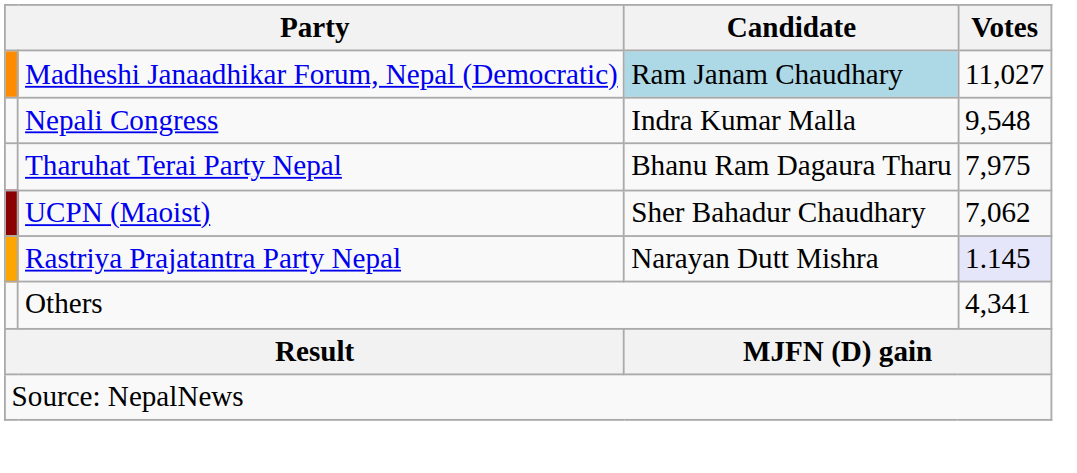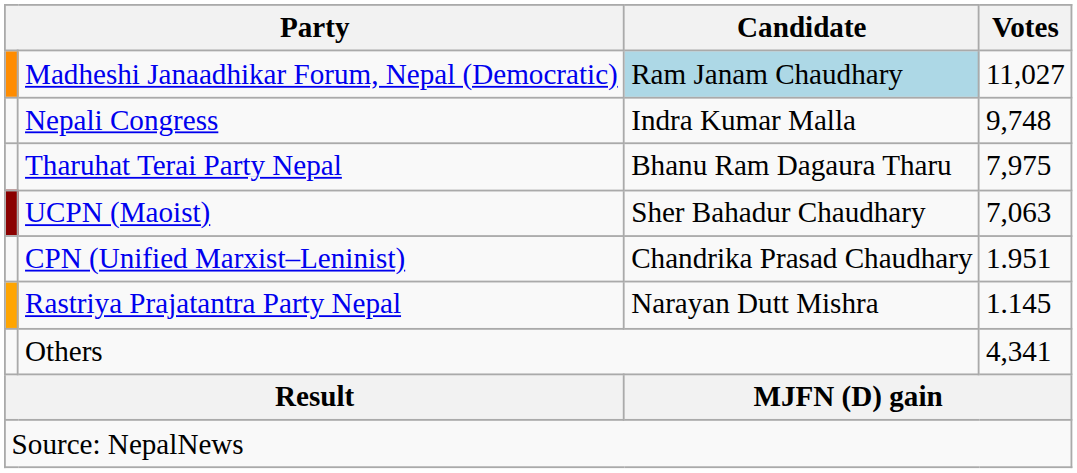 <table class="wikitable">
 <tr>
 <th colspan="2">Party</th>
 <th>Candidate</th>
 <th>Votes</th>
 </tr>
 <tr>
 <td style="background-color:darkorange"></td>
 <td><a href='#'>Madheshi Janaadhikar Forum, Nepal (Democratic)</a></td>
 <td style="background: lightblue;">Ram Janam Chaudhary</td>
 <td>11,027</td>
 </tr>
 <tr>
 <td style="background-color:"></td>
 <td><a href='#'>Nepali Congress</a></td>
 <td>Indra Kumar Malla</td>
-<td>9,548</td>
+<td>9,748</td>
 </tr>
 <tr>
 <td></td>
 <td><a href='#'>Tharuhat Terai Party Nepal</a></td>
 <td>Bhanu Ram Dagaura Tharu</td>
 <td>7,975</td>
 </tr>
 <tr>
 <td style="background-color:darkred"></td>
 <td><a href='#'>UCPN (Maoist)</a></td>
 <td>Sher Bahadur Chaudhary</td>
-<td>7,062</td>
+<td>7,063</td>
+</tr>
+<tr>
+<td style="background-color:"></td>
+<td><a href='#'>CPN (Unified Marxist–Leninist)</a></td>
+<td>Chandrika Prasad Chaudhary</td>
+<td>1.951</td>
 </tr>
 <tr>
 <td style="background-color:orange"></td>
 <td><a href='#'>Rastriya Prajatantra Party Nepal</a></td>
 <td>Narayan Dutt Mishra</td>
-<td style="background: lavender;">1.145</td>
+<td>1.145</td>
 </tr>
 <tr>
 <td></td>
 <td colspan="2">Others</td>
 <td>4,341</td>
 </tr>
 <tr>
 <th colspan="2">Result</th>
 <th colspan="2">MJFN (D) gain</th>
 </tr>
 <tr>
 <td colspan="4">Source: NepalNews</td>
 </tr>
 </table>
